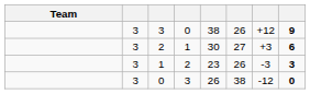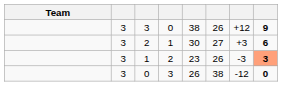 <table class="wikitable" style="text-align:center;font-size:95%">
 <tr>
 <th width=160>Team</th>
 <th width=30></th>
 <th width=30></th>
 <th width=30></th>
 <th width=30></th>
 <th width=30></th>
 <th width=30></th>
 <th width=30></th>
 </tr>
 <tr>
 <td align="left"></td>
 <td>3</td>
 <td>3</td>
 <td>0</td>
 <td>38</td>
 <td>26</td>
 <td>+12</td>
 <td><strong>9</strong></td>
 </tr>
 <tr>
 <td align="left"></td>
 <td>3</td>
 <td>2</td>
 <td>1</td>
 <td>30</td>
 <td>27</td>
 <td>+3</td>
 <td><strong>6</strong></td>
 </tr>
 <tr>
 <td align="left"></td>
 <td>3</td>
 <td>1</td>
 <td>2</td>
 <td>23</td>
 <td>26</td>
 <td>-3</td>
-<td><strong>3</strong></td>
+<td style="background: lightsalmon;"><strong>3</strong></td>
 </tr>
 <tr>
 <td align="left"></td>
 <td>3</td>
 <td>0</td>
 <td>3</td>
 <td>26</td>
 <td>38</td>
 <td>-12</td>
 <td><strong>0</strong></td>
 </tr>
 </table>
